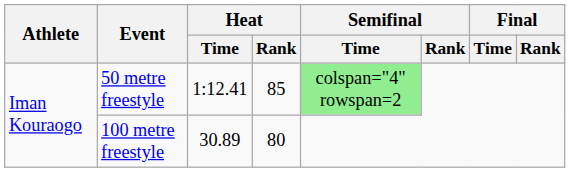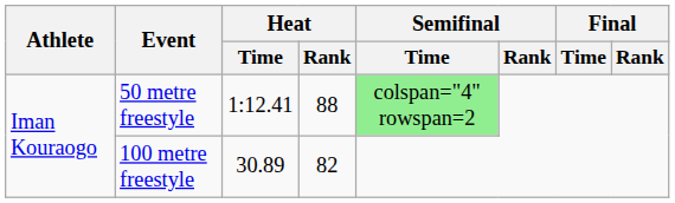 <table class="wikitable" style="text-align:center; font-size:90%; width:50%;">
 <tr>
 <th rowspan="2">Athlete</th>
 <th rowspan="2">Event</th>
 <th colspan="2">Heat</th>
 <th colspan="2">Semifinal</th>
 <th colspan="2">Final</th>
 </tr>
 <tr style="font-size:95%">
 <th>Time</th>
 <th>Rank</th>
 <th>Time</th>
 <th>Rank</th>
 <th>Time</th>
 <th>Rank</th>
 </tr>
 <tr>
 <td align=left rowspan=2><a href='#'>Iman Kouraogo</a></td>
 <td align=left><a href='#'>50 metre freestyle</a></td>
 <td>1:12.41</td>
-<td>85</td>
+<td>88</td>
 <td style="background: lightgreen;">colspan="4" rowspan=2 </td>
 </tr>
 <tr align=center>
 <td align=left><a href='#'>100 metre freestyle</a></td>
 <td>30.89</td>
-<td>80</td>
+<td>82</td>
 </tr>
 </table>
